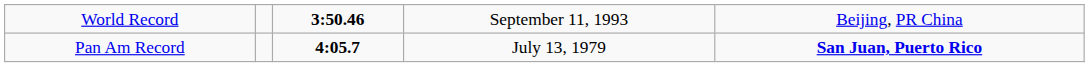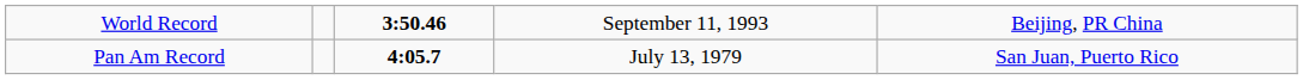 <table class="wikitable" style=" text-align:center; font-size:95%;" width="75%">
 <tr>
 <td><a href='#'>World Record</a></td>
 <td></td>
 <td><strong>3:50.46</strong></td>
 <td>September 11, 1993</td>
 <td> <a href='#'>Beijing</a>, <a href='#'>PR China</a></td>
 </tr>
 <tr>
 <td><a href='#'>Pan Am Record</a></td>
 <td></td>
 <td><strong>4:05.7</strong></td>
 <td>July 13, 1979</td>
-<td><strong> <a href='#'>San Juan, Puerto Rico</a></strong></td>
+<td> <a href='#'>San Juan, Puerto Rico</a></td>
 </tr>
 </table>
